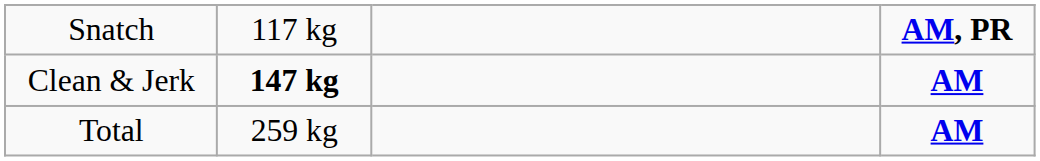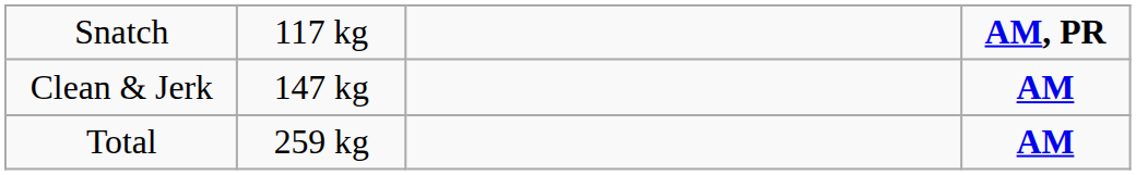 <table class = "wikitable" style="text-align:center;">
 <tr>
 <td width=100>Snatch</td>
 <td width=70>117 kg</td>
 <td width=250></td>
 <td width=70><strong><a href='#'>AM</a>, PR</strong></td>
 </tr>
 <tr>
 <td>Clean & Jerk</td>
-<td><strong>147 kg</strong></td>
+<td>147 kg</td>
 <td></td>
 <td><strong><a href='#'>AM</a></strong></td>
 </tr>
 <tr>
 <td>Total</td>
 <td>259 kg</td>
 <td></td>
 <td><strong><a href='#'>AM</a></strong></td>
 </tr>
 </table>
